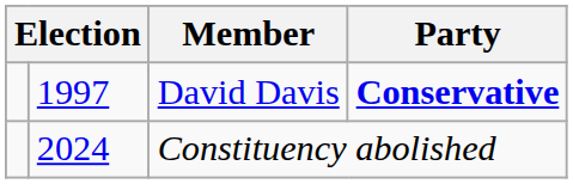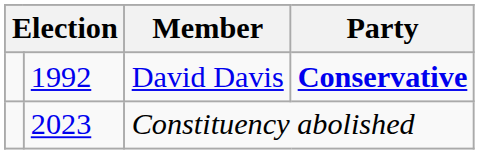 <table class="wikitable">
 <tr>
 <th colspan="2">Election</th>
 <th>Member</th>
 <th>Party</th>
 </tr>
 <tr>
 <td style="color:inherit;background-color: "></td>
-<td><a href='#'>1997</a></td>
+<td><a href='#'>1992</a></td>
 <td><a href='#'>David Davis</a></td>
 <td><strong><a href='#'>Conservative</a></strong></td>
 </tr>
 <tr>
 <td></td>
-<td><a href='#'>2024</a></td>
+<td><a href='#'>2023</a></td>
 <td colspan="2"><em>Constituency abolished</em></td>
 </tr>
 </table>
